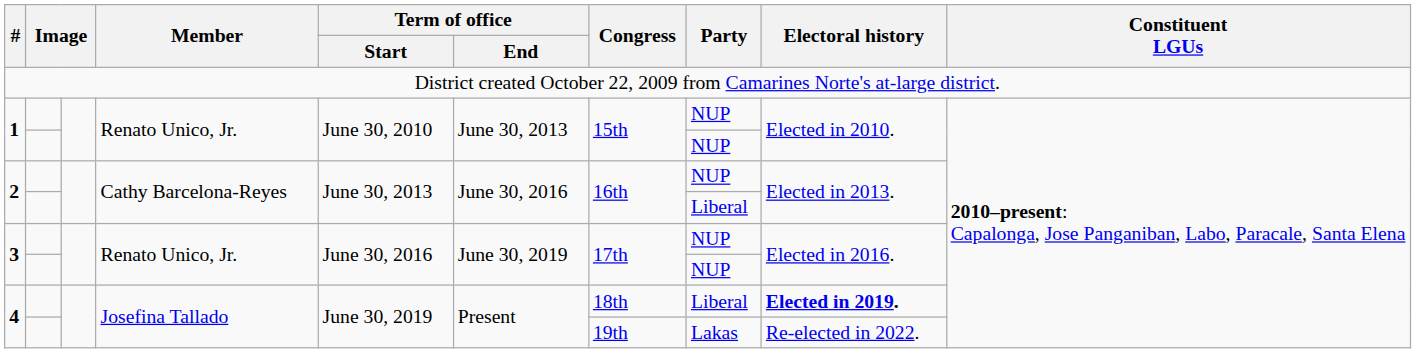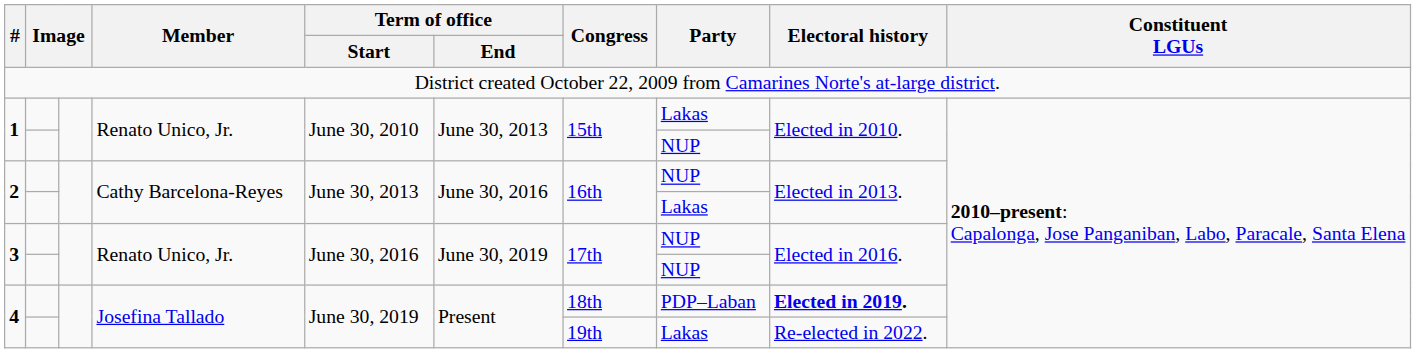 <table class="wikitable">
 <tr>
 <th rowspan="2">#</th>
 <th colspan="2" rowspan="2">Image</th>
 <th rowspan="2">Member</th>
 <th colspan="2">Term of office</th>
 <th rowspan="2">Congress</th>
 <th rowspan="2">Party</th>
 <th rowspan="2">Electoral history</th>
 <th rowspan="2" width="33%">Constituent<br><a href='#'>LGUs</a></th>
 </tr>
 <tr>
 <th>Start</th>
 <th>End</th>
 </tr>
 <tr>
 <td colspan="10" style="text-align:center;">District created October 22, 2009 from <a href='#'>Camarines Norte's at-large district</a>.</td>
 </tr>
 <tr>
 <td rowspan="2"><strong>1</strong></td>
 <td style="color:inherit;background:"></td>
 <td rowspan="2"></td>
 <td rowspan="2">Renato Unico, Jr.</td>
 <td rowspan="2">June 30, 2010</td>
 <td rowspan="2">June 30, 2013</td>
 <td rowspan="2"><a href='#'>15th</a></td>
-<td><a href='#'>NUP</a></td>
+<td><a href='#'>Lakas</a></td>
 <td rowspan="2"><a href='#'>Elected in 2010</a>.</td>
 <td rowspan="8"><strong>2010–present</strong>:<br><a href='#'>Capalonga</a>, <a href='#'>Jose Panganiban</a>, <a href='#'>Labo</a>, <a href='#'>Paracale</a>, <a href='#'>Santa Elena</a></td>
 </tr>
 <tr>
 <td style="color:inherit;background:"></td>
 <td><a href='#'>NUP</a></td>
 </tr>
 <tr>
 <td rowspan="2"><strong>2</strong></td>
 <td style="color:inherit;background:"></td>
 <td rowspan="2"></td>
 <td rowspan="2">Cathy Barcelona-Reyes</td>
 <td rowspan="2">June 30, 2013</td>
 <td rowspan="2">June 30, 2016</td>
 <td rowspan="2"><a href='#'>16th</a></td>
 <td><a href='#'>NUP</a></td>
 <td rowspan="2"><a href='#'>Elected in 2013</a>.</td>
 </tr>
 <tr>
 <td style="color:inherit;background:"></td>
-<td><a href='#'>Liberal</a></td>
+<td><a href='#'>Lakas</a></td>
 </tr>
 <tr>
 <td rowspan="2"><strong>3</strong></td>
 <td style="color:inherit;background:"></td>
 <td rowspan="2"></td>
 <td rowspan="2">Renato Unico, Jr.</td>
 <td rowspan="2">June 30, 2016</td>
 <td rowspan="2">June 30, 2019</td>
 <td rowspan="2"><a href='#'>17th</a></td>
 <td><a href='#'>NUP</a></td>
 <td rowspan="2"><a href='#'>Elected in 2016</a>.</td>
 </tr>
 <tr>
 <td style="color:inherit;background:"></td>
 <td><a href='#'>NUP</a></td>
 </tr>
 <tr>
 <td rowspan="2"><strong>4</strong></td>
 <td style="color:inherit;background:"></td>
 <td rowspan="2"></td>
 <td rowspan="2"><a href='#'>Josefina Tallado</a></td>
 <td rowspan="2">June 30, 2019</td>
 <td rowspan="2">Present</td>
 <td><a href='#'>18th</a></td>
-<td><a href='#'>Liberal</a></td>
+<td><a href='#'>PDP–Laban</a></td>
 <td><strong><a href='#'>Elected in 2019</a>.</strong></td>
 </tr>
 <tr>
 <td style="color:inherit;background:"></td>
 <td><a href='#'>19th</a></td>
 <td><a href='#'>Lakas</a></td>
 <td><a href='#'>Re-elected in 2022</a>.</td>
 </tr>
 </table>
